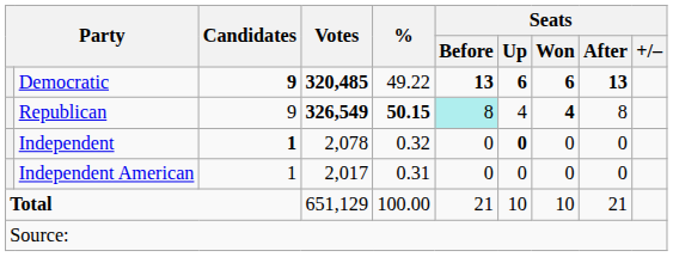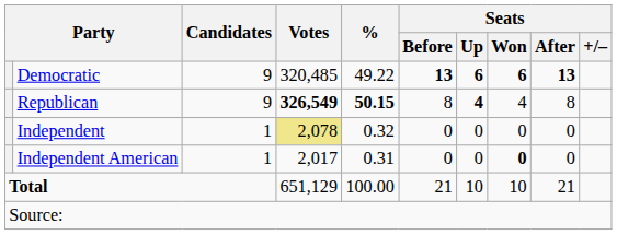 <table class="wikitable">
 <tr>
 <th rowspan="2" colspan="2">Party</th>
 <th rowspan="2">Candidates</th>
 <th rowspan="2">Votes</th>
 <th rowspan="2">%</th>
 <th colspan="5">Seats</th>
 </tr>
 <tr>
 <th>Before</th>
 <th>Up</th>
 <th>Won</th>
 <th>After</th>
 <th>+/–</th>
 </tr>
 <tr>
 <th style="background-color:"></th>
 <td><a href='#'>Democratic</a></td>
-<td align="right"><strong>9</strong></td>
-<td align="right"><strong>320,485</strong></td>
+<td align="right">9</td>
+<td align="right">320,485</td>
 <td align="right">49.22</td>
 <td align="right"><strong>13</strong></td>
 <td align="right"><strong>6</strong></td>
 <td align="right"><strong>6</strong></td>
 <td align="right"><strong>13</strong></td>
 <td align="right"><strong></strong></td>
 </tr>
 <tr>
 <th style="background-color:"></th>
 <td><a href='#'>Republican</a></td>
 <td align="right">9</td>
 <td align="right"><strong>326,549</strong></td>
 <td align="right"><strong>50.15</strong></td>
-<td align="right" style="background: paleturquoise;">8</td>
+<td align="right">8</td>
+<td align="right"><strong>4</strong></td>
 <td align="right">4</td>
-<td align="right"><strong>4</strong></td>
 <td align="right">8</td>
 <td align="right"></td>
 </tr>
 <tr>
 <th style="background-color:"></th>
 <td><a href='#'>Independent</a></td>
-<td align="right"><strong>1</strong></td>
-<td align="right">2,078</td>
+<td align="right">1</td>
+<td align="right" style="background: khaki;">2,078</td>
 <td align="right">0.32</td>
 <td align="right">0</td>
-<td align="right"><strong>0</strong></td>
+<td align="right">0</td>
 <td align="right">0</td>
 <td align="right">0</td>
 <td align="right"></td>
 </tr>
 <tr>
 <th style="background-color:"></th>
 <td><a href='#'>Independent American</a></td>
 <td align="right">1</td>
 <td align="right">2,017</td>
 <td align="right">0.31</td>
 <td align="right">0</td>
 <td align="right">0</td>
-<td align="right">0</td>
+<td align="right"><strong>0</strong></td>
 <td align="right">0</td>
 <td align="right"></td>
 </tr>
 <tr>
 <td colspan="3" align="left"><strong>Total</strong></td>
 <td align="right">651,129</td>
 <td align="right">100.00</td>
 <td align="right">21</td>
 <td align="right">10</td>
 <td align="right">10</td>
 <td align="right">21</td>
 <td align="right"></td>
 </tr>
 <tr>
 <td colspan="10">Source:</td>
 </tr>
 </table>
